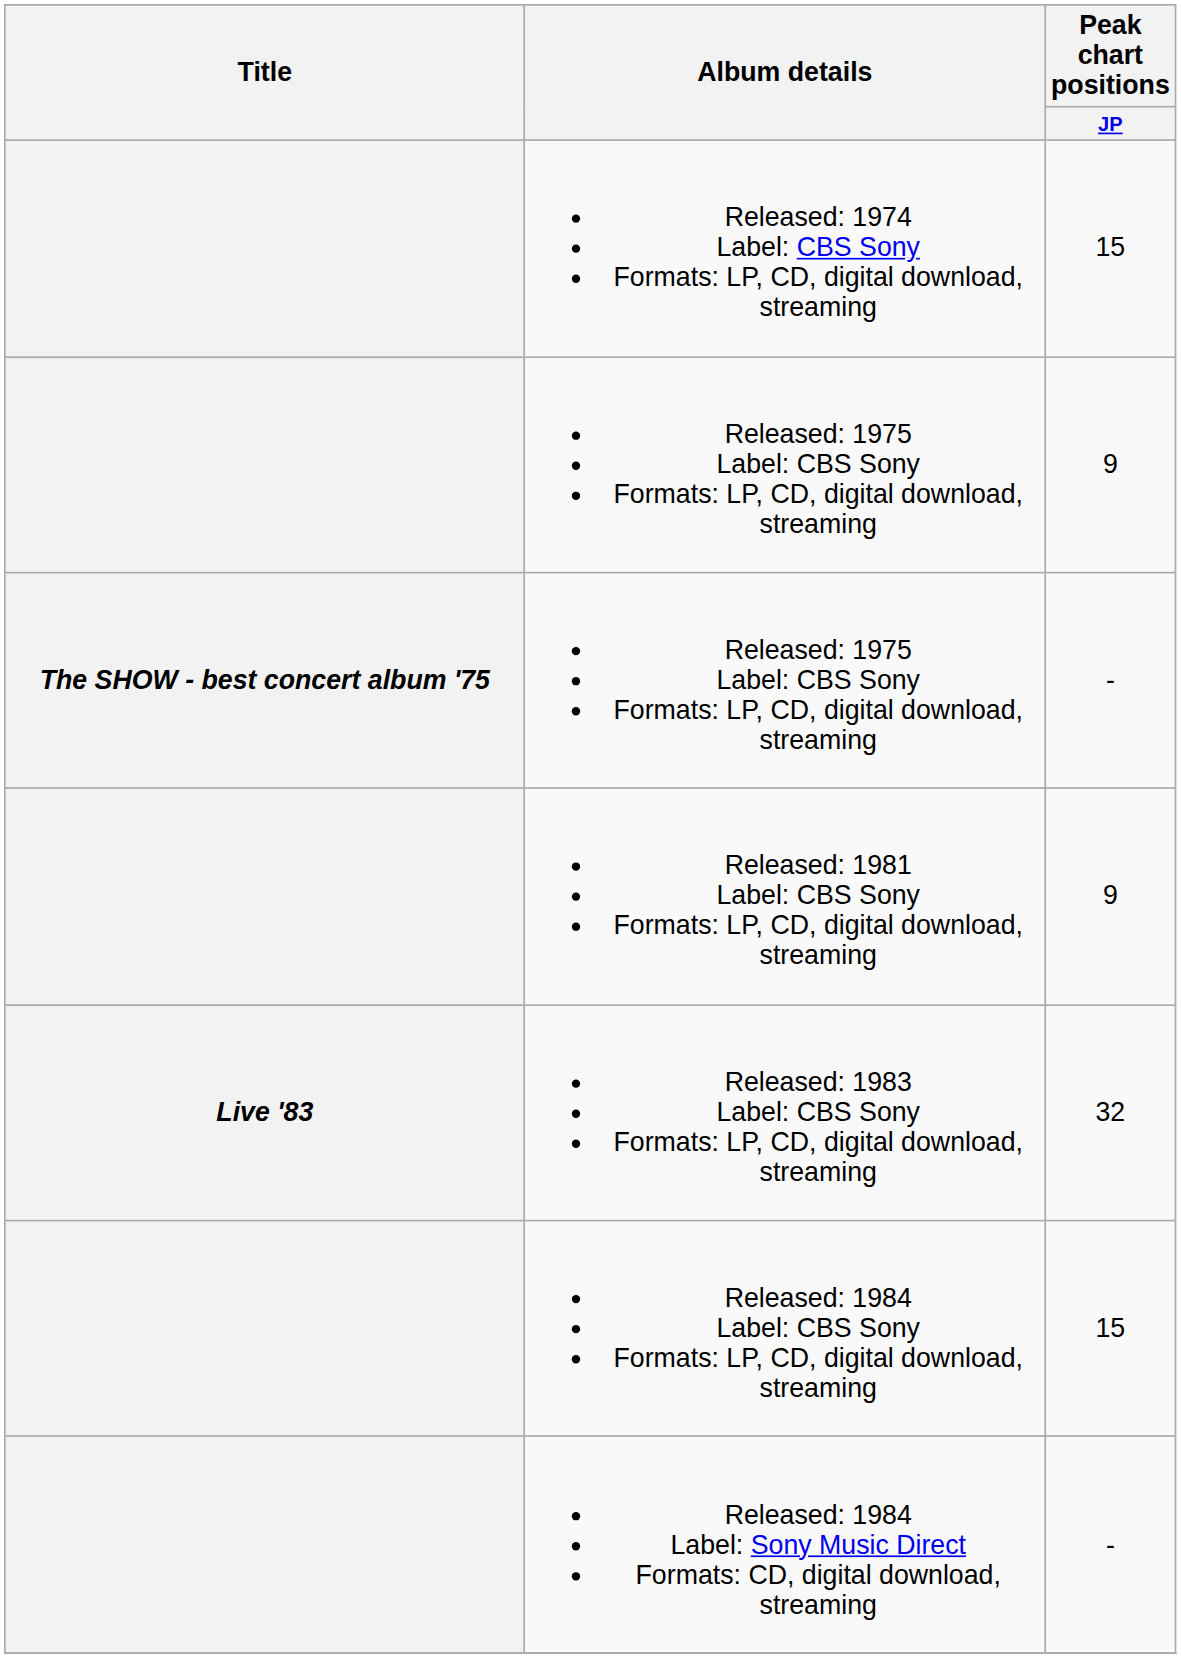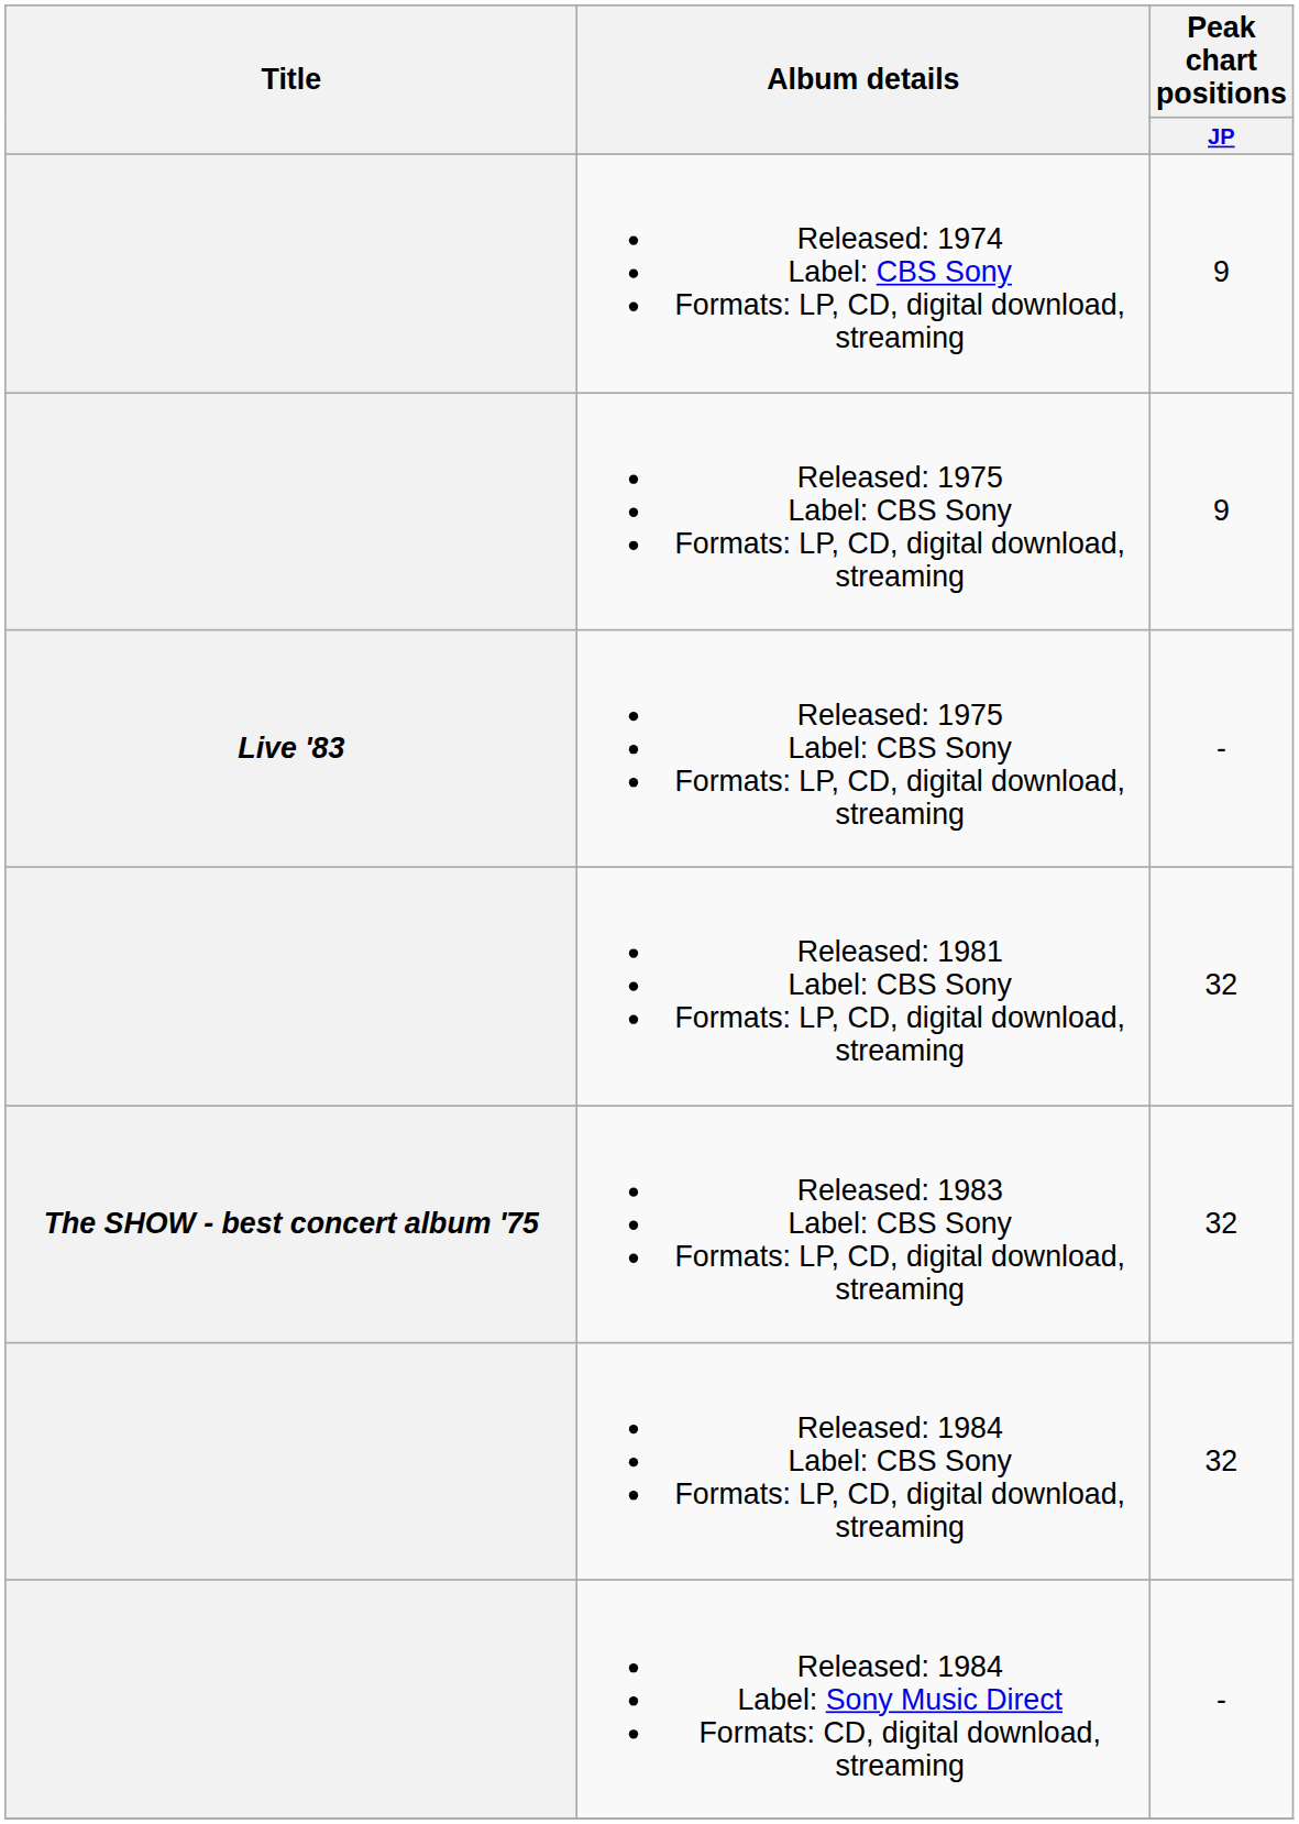 <table class="wikitable plainrowheaders" style="text-align:center;">
 <tr>
 <th scope="col" rowspan="2" style="width:19em;">Title</th>
 <th scope="col" rowspan="2" style="width:19em;">Album details</th>
 <th scope="col">Peak chart positions</th>
 </tr>
 <tr>
 <th style="width:2em;font-size:75%"><a href='#'>JP</a><br></th>
 </tr>
 <tr>
 <th scope="row"></th>
 <td><br><ul><li>Released: 1974</li><li>Label: <a href='#'>CBS Sony</a></li><li>Formats: LP, CD, digital download, streaming</li></ul></td>
-<td>15</td>
+<td>9</td>
 </tr>
 <tr>
 <th scope="row"></th>
 <td><br><ul><li>Released: 1975</li><li>Label: CBS Sony</li><li>Formats: LP, CD, digital download, streaming</li></ul></td>
 <td>9</td>
 </tr>
 <tr>
-<th scope="row"><em>The SHOW - best concert album '75</em></th>
+<th scope="row"><em>Live '83</em></th>
 <td><br><ul><li>Released: 1975</li><li>Label: CBS Sony</li><li>Formats: LP, CD, digital download, streaming</li></ul></td>
 <td>-</td>
 </tr>
 <tr>
 <th scope="row"></th>
 <td><br><ul><li>Released: 1981</li><li>Label: CBS Sony</li><li>Formats: LP, CD, digital download, streaming</li></ul></td>
-<td>9</td>
+<td>32</td>
 </tr>
 <tr>
-<th scope="row"><em>Live '83</em></th>
+<th scope="row"><em>The SHOW - best concert album '75</em></th>
 <td><br><ul><li>Released: 1983</li><li>Label: CBS Sony</li><li>Formats: LP, CD, digital download, streaming</li></ul></td>
 <td>32</td>
 </tr>
 <tr>
 <th scope="row"></th>
 <td><br><ul><li>Released: 1984</li><li>Label: CBS Sony</li><li>Formats: LP, CD, digital download, streaming</li></ul></td>
-<td>15</td>
+<td>32</td>
 </tr>
 <tr>
 <th scope="row"></th>
 <td><br><ul><li>Released: 1984</li><li>Label: <a href='#'>Sony Music Direct</a></li><li>Formats: CD, digital download, streaming</li></ul></td>
 <td>-</td>
 </tr>
 <tr>
 </tr>
 </table>
